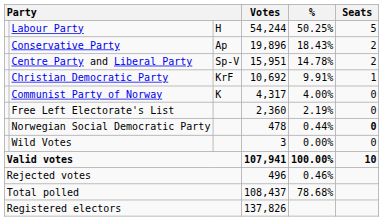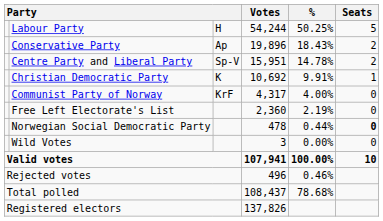 <table class="wikitable" border="1" style="text-align:right;">
 <tr>
 <th style="text-align:left;" colspan=3>Party</th>
 <th align=center width="50">Votes</th>
 <th align=center width="50">%</th>
 <th align=center width="50">Seats</th>
 </tr>
 <tr>
 <td style="color:inherit;background:"></td>
 <td align=left><a href='#'>Labour Party</a></td>
 <td align=left>H</td>
 <td>54,244</td>
 <td>50.25%</td>
 <td>5</td>
 </tr>
 <tr>
 <td style="color:inherit;background:"></td>
 <td align=left><a href='#'>Conservative Party</a></td>
 <td align=left>Ap</td>
 <td>19,896</td>
 <td>18.43%</td>
 <td>2</td>
 </tr>
 <tr>
 <td></td>
 <td align=left><a href='#'>Centre Party</a> and <a href='#'>Liberal Party</a></td>
 <td align=left>Sp-V</td>
 <td>15,951</td>
 <td>14.78%</td>
 <td>2</td>
 </tr>
 <tr>
 <td style="color:inherit;background:"></td>
 <td align=left><a href='#'>Christian Democratic Party</a></td>
-<td align=left>KrF</td>
+<td align=left>K</td>
 <td>10,692</td>
 <td>9.91%</td>
 <td>1</td>
 </tr>
 <tr>
 <td style="color:inherit;background:"></td>
 <td align=left><a href='#'>Communist Party of Norway</a></td>
-<td align=left>K</td>
+<td align=left>KrF</td>
 <td>4,317</td>
 <td>4.00%</td>
 <td>0</td>
 </tr>
 <tr>
 <td></td>
 <td align=left>Free Left Electorate's List</td>
 <td align=left></td>
 <td>2,360</td>
 <td>2.19%</td>
 <td>0</td>
 </tr>
 <tr>
 <td></td>
 <td align=left>Norwegian Social Democratic Party</td>
 <td align=left></td>
 <td>478</td>
 <td>0.44%</td>
 <td><strong>0</strong></td>
 </tr>
 <tr>
 <td></td>
 <td align=left>Wild Votes</td>
 <td align=left></td>
 <td>3</td>
 <td>0.00%</td>
 <td>0</td>
 </tr>
 <tr style="font-weight:bold">
 <td align=left colspan=3>Valid votes</td>
 <td>107,941</td>
 <td>100.00%</td>
 <td>10</td>
 </tr>
 <tr>
 <td align=left colspan=3>Rejected votes</td>
 <td>496</td>
 <td>0.46%</td>
 <td></td>
 </tr>
 <tr>
 <td align=left colspan=3>Total polled</td>
 <td>108,437</td>
 <td>78.68%</td>
 <td></td>
 </tr>
 <tr>
 <td align=left colspan=3>Registered electors</td>
 <td>137,826</td>
 <td></td>
 <td></td>
 </tr>
 </table>
